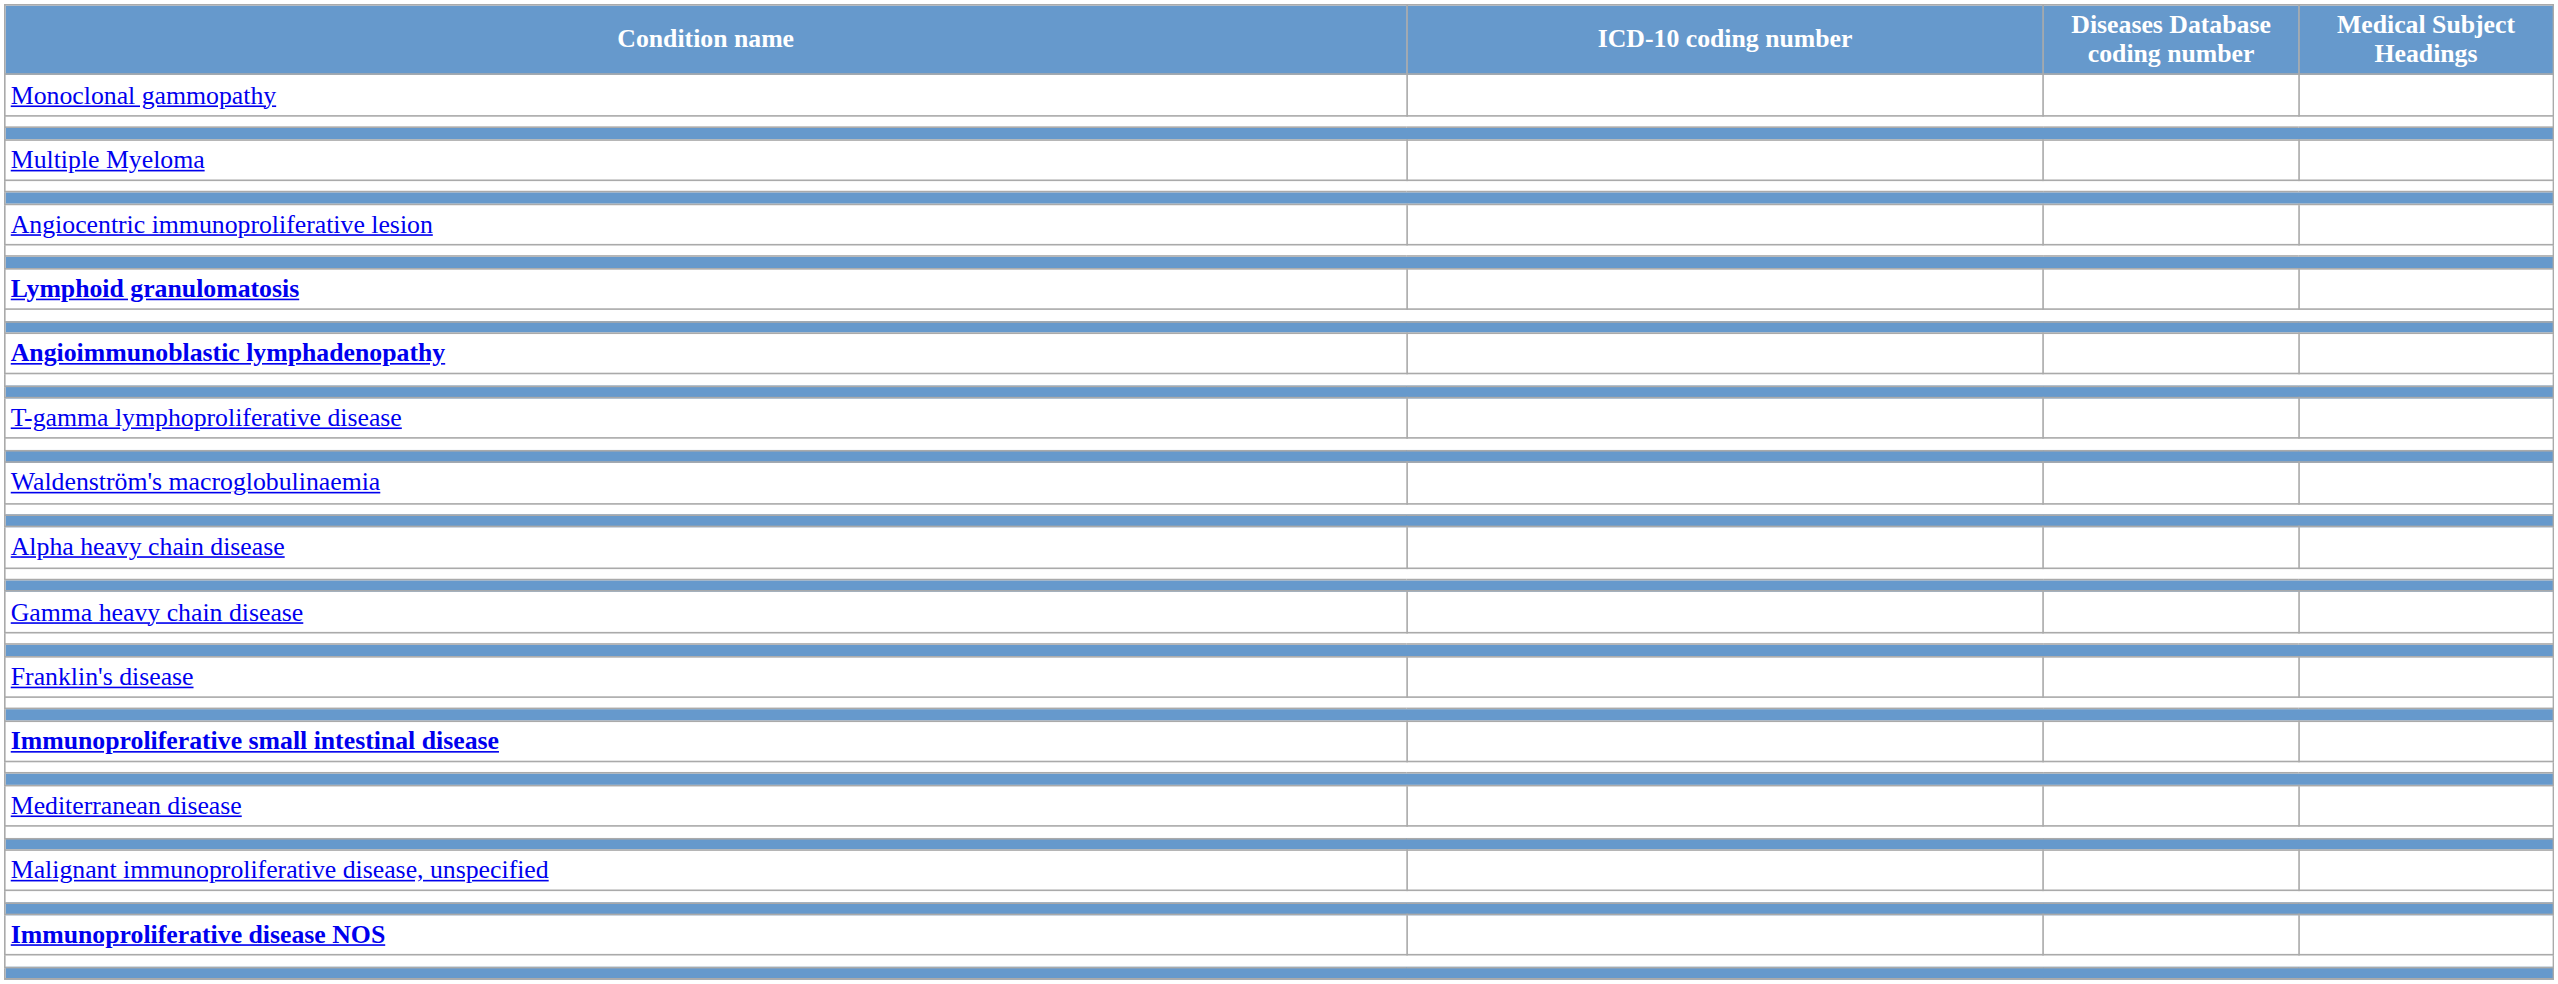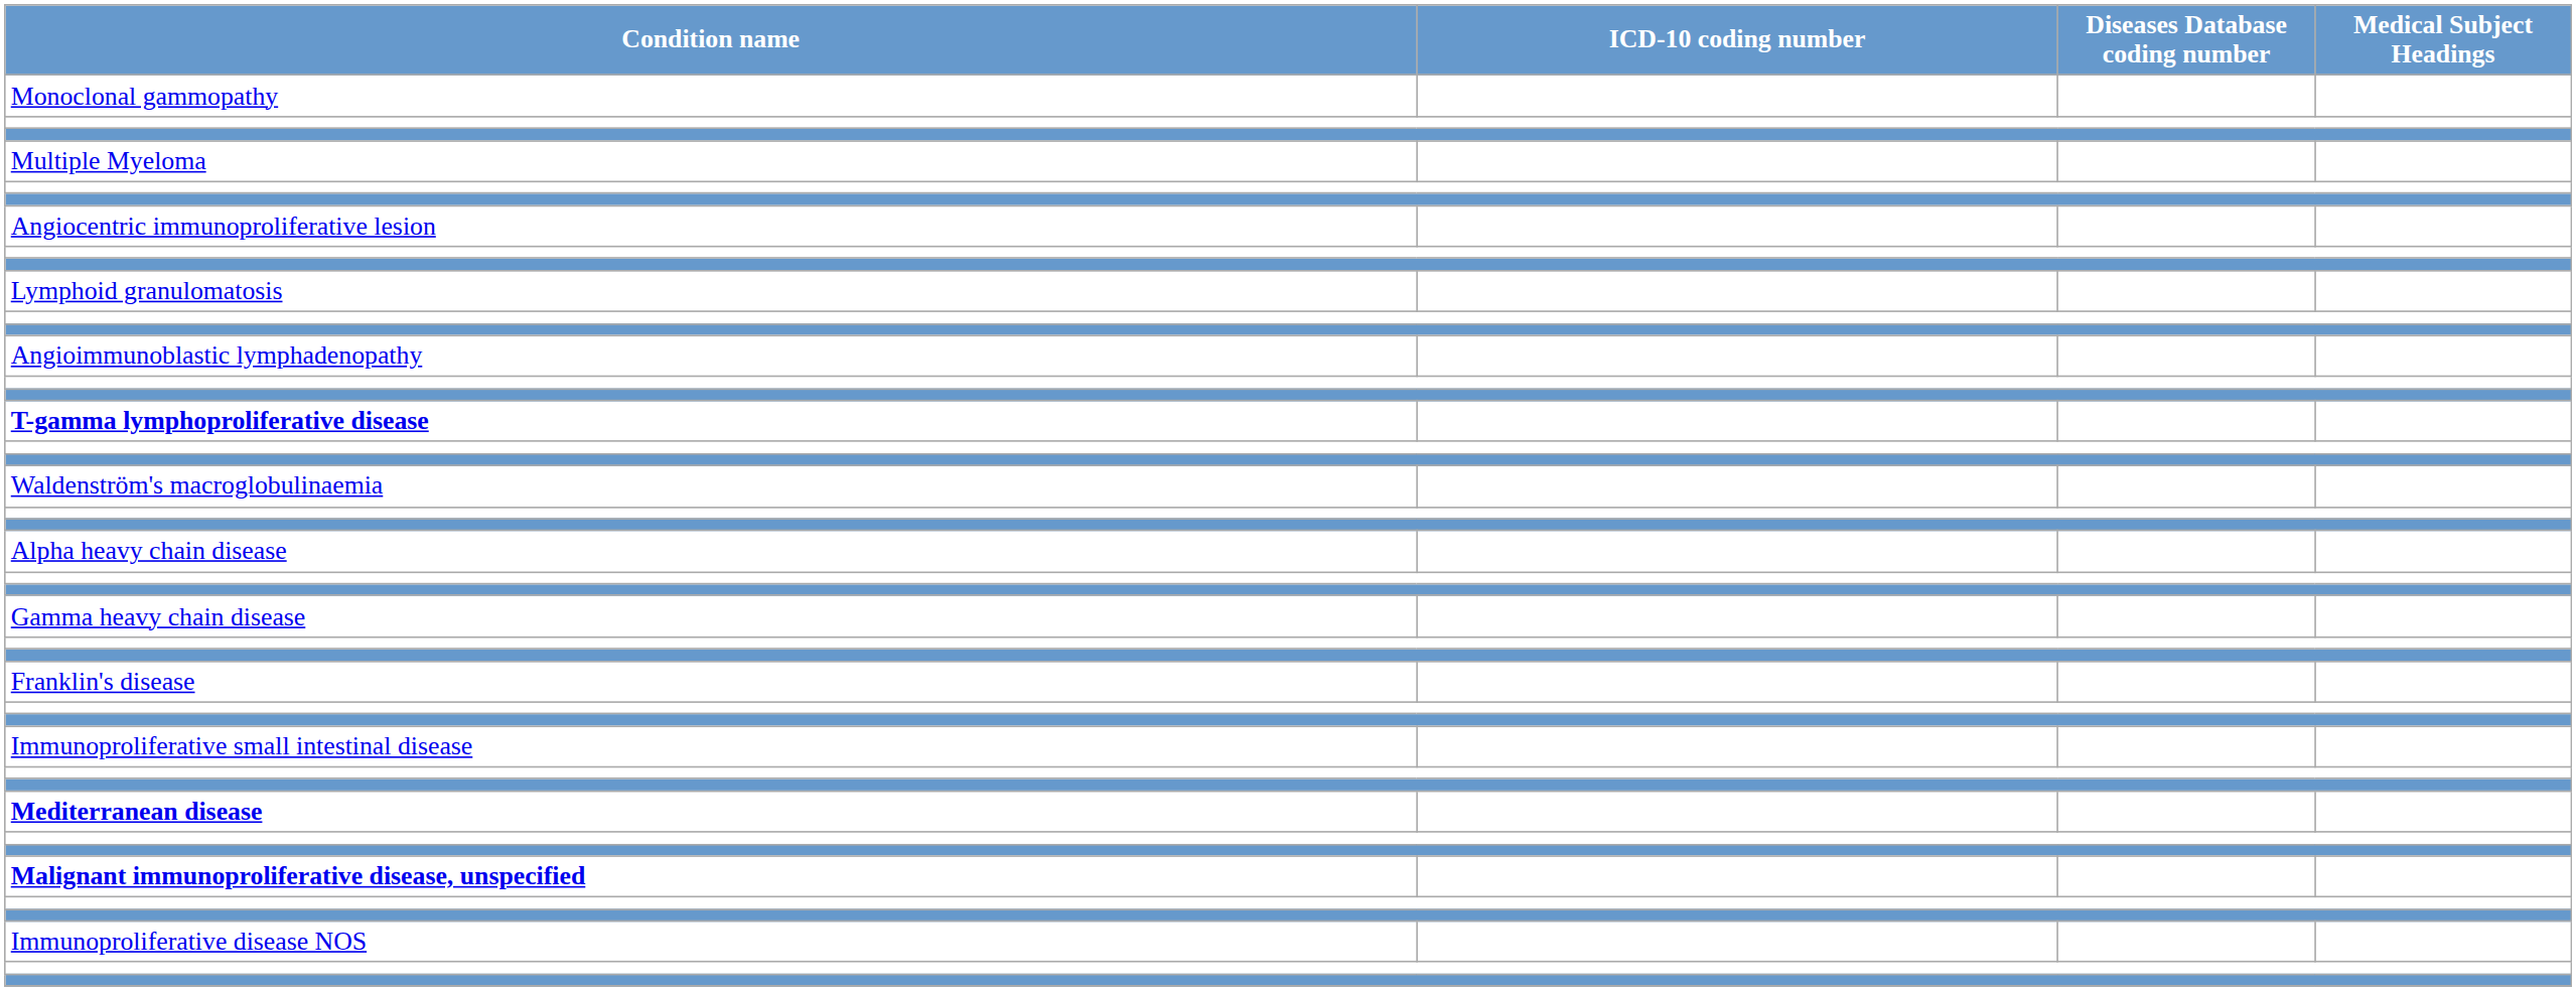 <table class="wikitable" style="width:100%; margin-right:auto; background: #FFFFFF;">
 <tr style="color:white">
 <th style="background-color:#6699CC; width:55%">Condition name</th>
 <th style="background-color:#6699CC; width:25%">ICD-10 coding number</th>
 <th style="background-color:#6699CC; width:10%">Diseases Database coding number</th>
 <th style="background-color:#6699CC; width:10%">Medical Subject Headings</th>
 </tr>
 <tr>
 <td><a href='#'>Monoclonal gammopathy</a></td>
 <td></td>
 <td></td>
 <td></td>
 </tr>
 <tr>
 <td colspan="6"></td>
 </tr>
 <tr>
 <td colspan="6" bgcolor="#6699CC"></td>
 </tr>
 <tr>
 <td><a href='#'>Multiple Myeloma</a></td>
 <td></td>
 <td></td>
 <td></td>
 </tr>
 <tr>
 <td colspan="6"></td>
 </tr>
 <tr>
 <td colspan="6" bgcolor="#6699CC"></td>
 </tr>
 <tr>
 <td><a href='#'>Angiocentric immunoproliferative lesion</a></td>
 <td></td>
 <td></td>
 <td></td>
 </tr>
 <tr>
 <td colspan="6"></td>
 </tr>
 <tr>
 <td colspan="6" bgcolor="#6699CC"></td>
 </tr>
 <tr>
-<td><strong><a href='#'>Lymphoid granulomatosis</a></strong></td>
+<td><a href='#'>Lymphoid granulomatosis</a></td>
 <td></td>
 <td></td>
 <td></td>
 </tr>
 <tr>
 <td colspan="6"></td>
 </tr>
 <tr>
 <td colspan="6" bgcolor="#6699CC"></td>
 </tr>
 <tr>
-<td><strong><a href='#'>Angioimmunoblastic lymphadenopathy</a></strong></td>
+<td><a href='#'>Angioimmunoblastic lymphadenopathy</a></td>
 <td></td>
 <td></td>
 <td></td>
 </tr>
 <tr>
 <td colspan="6"></td>
 </tr>
 <tr>
 <td colspan="6" bgcolor="#6699CC"></td>
 </tr>
 <tr>
-<td><a href='#'>T-gamma lymphoproliferative disease</a></td>
+<td><strong><a href='#'>T-gamma lymphoproliferative disease</a></strong></td>
 <td></td>
 <td></td>
 <td></td>
 </tr>
 <tr>
 <td colspan="6"></td>
 </tr>
 <tr>
 <td colspan="6" bgcolor="#6699CC"></td>
 </tr>
 <tr>
 <td><a href='#'>Waldenström's macroglobulinaemia</a></td>
 <td></td>
 <td></td>
 <td></td>
 </tr>
 <tr>
 <td colspan="6"></td>
 </tr>
 <tr>
 <td colspan="6" bgcolor="#6699CC"></td>
 </tr>
 <tr>
 <td><a href='#'>Alpha heavy chain disease</a></td>
 <td></td>
 <td></td>
 <td></td>
 </tr>
 <tr>
 <td colspan="6"></td>
 </tr>
 <tr>
 <td colspan="6" bgcolor="#6699CC"></td>
 </tr>
 <tr>
 <td><a href='#'>Gamma heavy chain disease</a></td>
 <td></td>
 <td></td>
 <td></td>
 </tr>
 <tr>
 <td colspan="6"></td>
 </tr>
 <tr>
 <td colspan="6" bgcolor="#6699CC"></td>
 </tr>
 <tr>
 <td><a href='#'>Franklin's disease</a></td>
 <td></td>
 <td></td>
 <td></td>
 </tr>
 <tr>
 <td colspan="6"></td>
 </tr>
 <tr>
 <td colspan="6" bgcolor="#6699CC"></td>
 </tr>
 <tr>
-<td><strong><a href='#'>Immunoproliferative small intestinal disease</a></strong></td>
+<td><a href='#'>Immunoproliferative small intestinal disease</a></td>
 <td></td>
 <td></td>
 <td></td>
 </tr>
 <tr>
 <td colspan="6"></td>
 </tr>
 <tr>
 <td colspan="6" bgcolor="#6699CC"></td>
 </tr>
 <tr>
-<td><a href='#'>Mediterranean disease</a></td>
+<td><strong><a href='#'>Mediterranean disease</a></strong></td>
 <td></td>
 <td></td>
 <td></td>
 </tr>
 <tr>
 <td colspan="6"></td>
 </tr>
 <tr>
 <td colspan="6" bgcolor="#6699CC"></td>
 </tr>
 <tr>
-<td><a href='#'>Malignant immunoproliferative disease, unspecified</a></td>
+<td><strong><a href='#'>Malignant immunoproliferative disease, unspecified</a></strong></td>
 <td></td>
 <td></td>
 <td></td>
 </tr>
 <tr>
 <td colspan="6"></td>
 </tr>
 <tr>
 <td colspan="6" bgcolor="#6699CC"></td>
 </tr>
 <tr>
-<td><strong><a href='#'>Immunoproliferative disease NOS</a></strong></td>
+<td><a href='#'>Immunoproliferative disease NOS</a></td>
 <td></td>
 <td></td>
 <td></td>
 </tr>
 <tr>
 <td colspan="6"></td>
 </tr>
 <tr>
 <td colspan="6" bgcolor="#6699CC"></td>
 </tr>
 <tr>
 </tr>
 </table>
